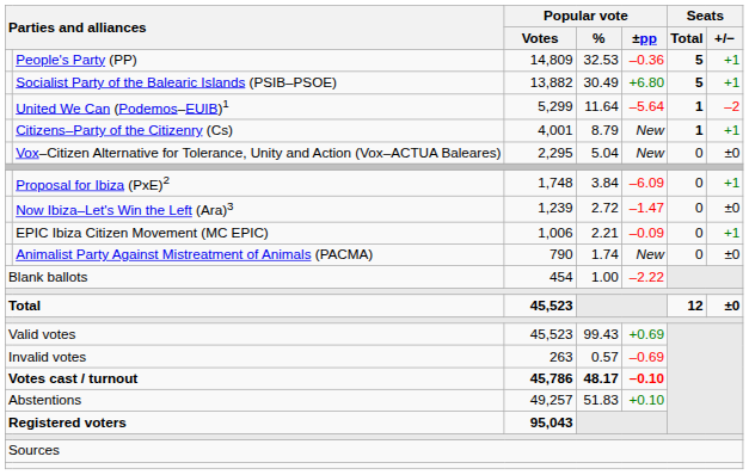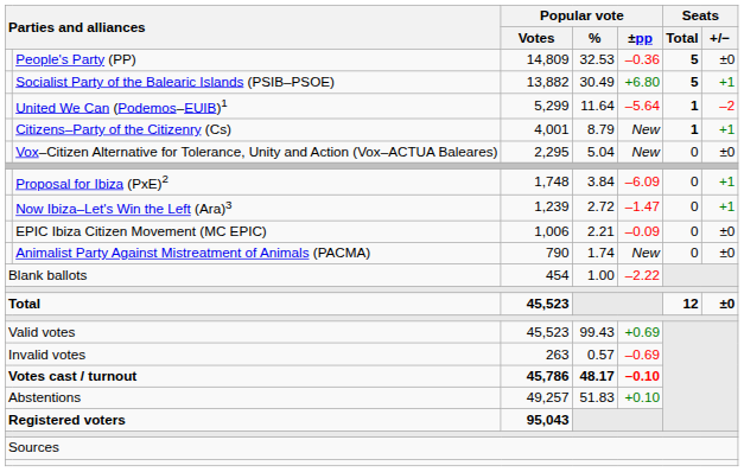 <table class="wikitable" style="text-align:right;">
 <tr>
 <th style="text-align:left;" rowspan="2" colspan="2" width="525">Parties and alliances</th>
 <th colspan="3">Popular vote</th>
 <th colspan="2">Seats</th>
 </tr>
 <tr>
 <th width="75">Votes</th>
 <th width="45">%</th>
 <th width="45">±<a href='#'>pp</a></th>
 <th width="35">Total</th>
 <th width="35">+/−</th>
 </tr>
 <tr>
 <td width="1" style="color:inherit;background:"></td>
 <td align="left"><a href='#'>People's Party</a> (PP)</td>
 <td>14,809</td>
 <td>32.53</td>
 <td style="color:red;">–0.36</td>
 <td><strong>5</strong></td>
-<td style="color:green;">+1</td>
+<td>±0</td>
 </tr>
 <tr>
 <td style="color:inherit;background:"></td>
 <td align="left"><a href='#'>Socialist Party of the Balearic Islands</a> (PSIB–PSOE)</td>
 <td>13,882</td>
 <td>30.49</td>
 <td style="color:green;">+6.80</td>
 <td><strong>5</strong></td>
 <td style="color:green;">+1</td>
 </tr>
 <tr>
 <td style="color:inherit;background:"></td>
 <td align="left"><a href='#'>United We Can</a> (<a href='#'>Podemos</a>–<a href='#'>EUIB</a>)<sup>1</sup></td>
 <td>5,299</td>
 <td>11.64</td>
 <td style="color:red;">–5.64</td>
 <td><strong>1</strong></td>
 <td style="color:red;">–2</td>
 </tr>
 <tr>
 <td style="color:inherit;background:"></td>
 <td align="left"><a href='#'>Citizens–Party of the Citizenry</a> (Cs)</td>
 <td>4,001</td>
 <td>8.79</td>
 <td><em>New</em></td>
 <td><strong>1</strong></td>
 <td style="color:green;">+1</td>
 </tr>
 <tr>
 <td style="color:inherit;background:"></td>
 <td align="left"><a href='#'>Vox</a>–Citizen Alternative for Tolerance, Unity and Action (Vox–ACTUA Baleares)</td>
 <td>2,295</td>
 <td>5.04</td>
 <td><em>New</em></td>
 <td>0</td>
 <td>±0</td>
 </tr>
 <tr>
 <td colspan="7" bgcolor="#C0C0C0"></td>
 </tr>
 <tr>
 <td style="color:inherit;background:"></td>
 <td align="left"><a href='#'>Proposal for Ibiza</a> (PxE)<sup>2</sup></td>
 <td>1,748</td>
 <td>3.84</td>
 <td style="color:red;">–6.09</td>
 <td>0</td>
 <td style="color:green;">+1</td>
 </tr>
 <tr>
 <td style="color:inherit;background:"></td>
 <td align="left"><a href='#'>Now Ibiza–Let's Win the Left</a> (Ara)<sup>3</sup></td>
 <td>1,239</td>
 <td>2.72</td>
 <td style="color:red;">–1.47</td>
 <td>0</td>
-<td>±0</td>
+<td style="color:green;">+1</td>
 </tr>
 <tr>
 <td style="color:inherit;background:"></td>
 <td align="left">EPIC Ibiza Citizen Movement (MC EPIC)</td>
 <td>1,006</td>
 <td>2.21</td>
 <td style="color:red;">–0.09</td>
 <td>0</td>
-<td style="color:green;">+1</td>
+<td>±0</td>
 </tr>
 <tr>
 <td style="color:inherit;background:"></td>
 <td align="left"><a href='#'>Animalist Party Against Mistreatment of Animals</a> (PACMA)</td>
 <td>790</td>
 <td>1.74</td>
 <td><em>New</em></td>
 <td>0</td>
 <td>±0</td>
 </tr>
 <tr>
 <td align="left" colspan="2">Blank ballots</td>
 <td>454</td>
 <td>1.00</td>
 <td style="color:red;">–2.22</td>
 <td bgcolor="#E9E9E9" colspan="2"></td>
 </tr>
 <tr>
 <td colspan="7" bgcolor="#E9E9E9"></td>
 </tr>
 <tr style="font-weight:bold;">
 <td align="left" colspan="2">Total</td>
 <td>45,523</td>
 <td bgcolor="#E9E9E9" colspan="2"></td>
 <td>12</td>
 <td>±0</td>
 </tr>
 <tr>
 <td colspan="7" bgcolor="#E9E9E9"></td>
 </tr>
 <tr>
 <td align="left" colspan="2">Valid votes</td>
 <td>45,523</td>
 <td>99.43</td>
 <td style="color:green;">+0.69</td>
 <td bgcolor="#E9E9E9" colspan="2" rowspan="5"></td>
 </tr>
 <tr>
 <td align="left" colspan="2">Invalid votes</td>
 <td>263</td>
 <td>0.57</td>
 <td style="color:red;">–0.69</td>
 </tr>
 <tr style="font-weight:bold;">
 <td align="left" colspan="2">Votes cast / turnout</td>
 <td>45,786</td>
 <td>48.17</td>
 <td style="color:red;">–0.10</td>
 </tr>
 <tr>
 <td align="left" colspan="2">Abstentions</td>
 <td>49,257</td>
 <td>51.83</td>
 <td style="color:green;">+0.10</td>
 </tr>
 <tr style="font-weight:bold;">
 <td align="left" colspan="2">Registered voters</td>
 <td>95,043</td>
 <td bgcolor="#E9E9E9" colspan="2"></td>
 </tr>
 <tr>
 <td colspan="7" bgcolor="#E9E9E9"></td>
 </tr>
 <tr>
 <td align="left" colspan="7">Sources</td>
 </tr>
 <tr>
 <td colspan="7" style="text-align:left; max-width:790px;"></td>
 </tr>
 </table>
